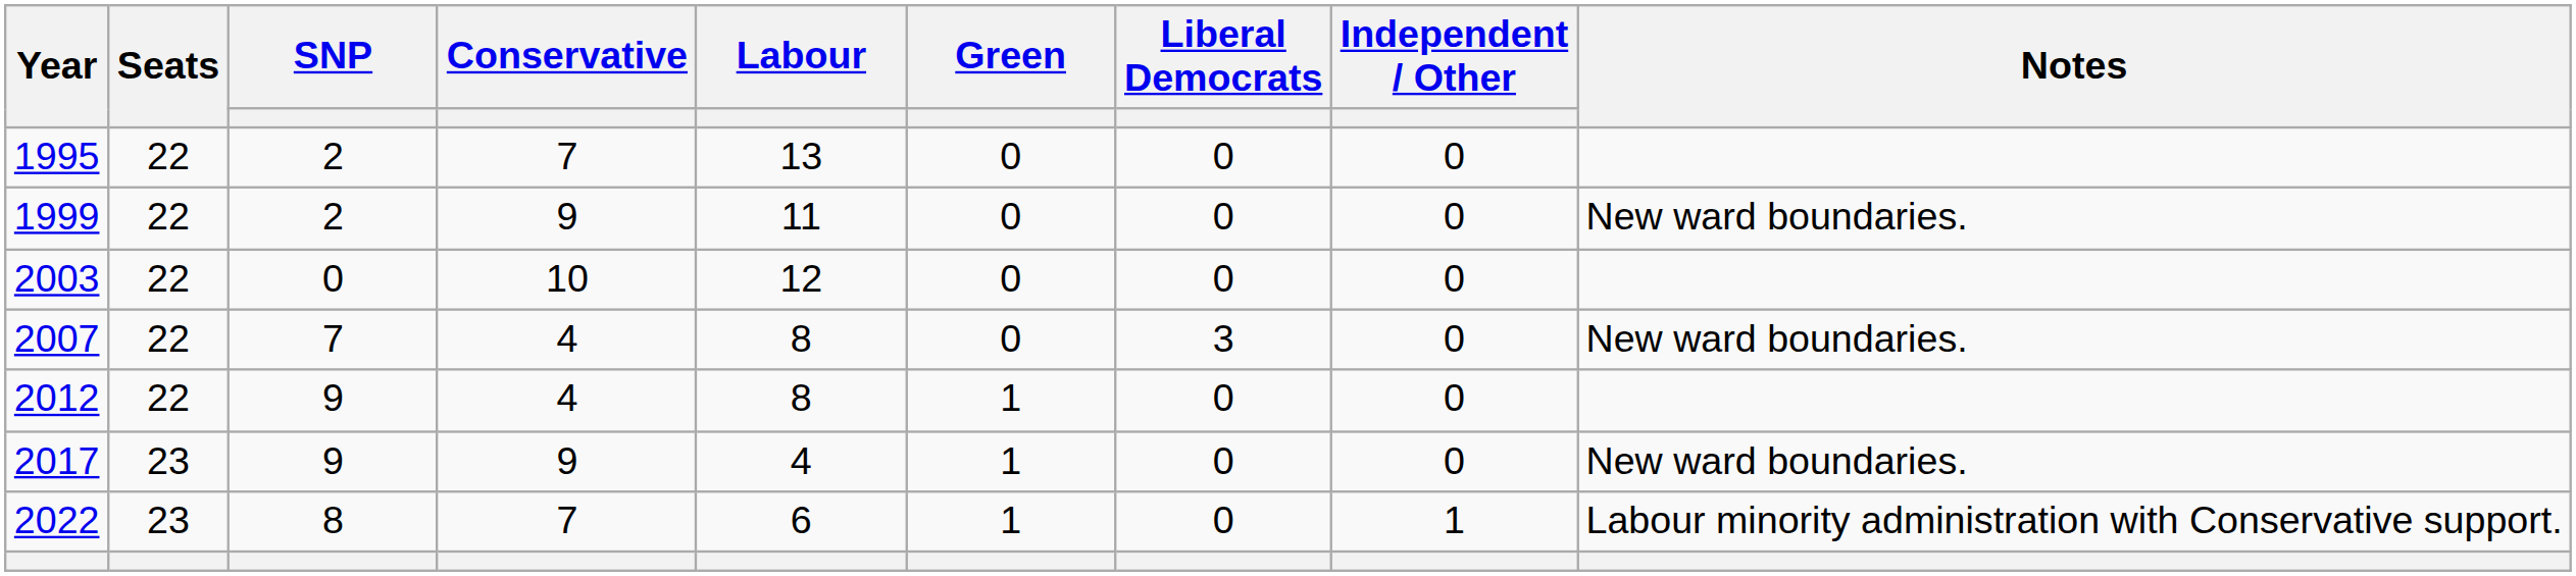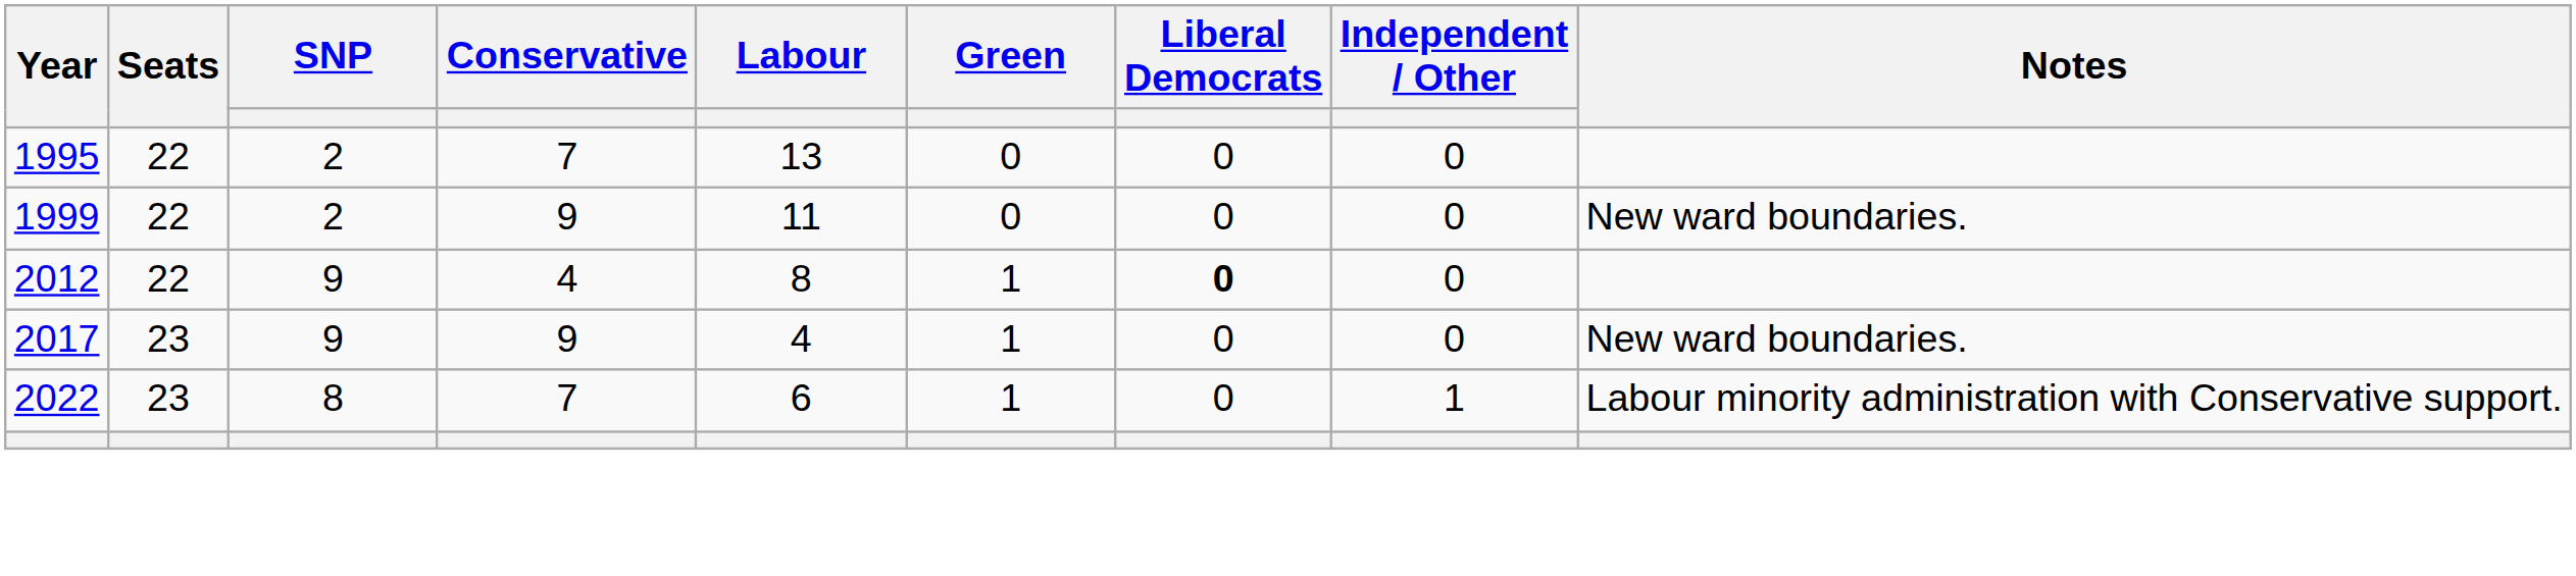 <table class="wikitable" style=text-align:center>
 <tr>
 <th rowspan=2><strong>Year</strong></th>
 <th rowspan=2><strong>Seats</strong></th>
 <th width="80"><a href='#'><strong>SNP</strong></a></th>
 <th width="80"><a href='#'><strong>Conservative</strong></a></th>
 <th width="80"><a href='#'><strong>Labour</strong></a></th>
 <th width="80"><a href='#'><strong>Green</strong></a></th>
 <th width="80"><a href='#'><strong>Liberal Democrats</strong></a></th>
 <th width="80"><a href='#'><strong>Independent / Other</strong></a></th>
 <th rowspan=2><strong>Notes</strong></th>
 </tr>
 <tr>
 <th style="background-color: "></th>
 <th style="background-color: "></th>
 <th style="background-color: "></th>
 <th style="background-color: "></th>
 <th style="background-color: "></th>
 <th style="background-color: "></th>
 </tr>
 <tr>
 <td><a href='#'>1995</a></td>
 <td>22</td>
 <td>2</td>
 <td>7</td>
 <td>13</td>
 <td>0</td>
 <td>0</td>
 <td>0</td>
 <td align=left></td>
 </tr>
 <tr>
 <td><a href='#'>1999</a></td>
 <td>22</td>
 <td>2</td>
 <td>9</td>
 <td>11</td>
 <td>0</td>
 <td>0</td>
 <td>0</td>
 <td align=left>New ward boundaries.</td>
 </tr>
 <tr>
-<td><a href='#'>2003</a></td>
-<td>22</td>
-<td>0</td>
-<td>10</td>
-<td>12</td>
-<td>0</td>
-<td>0</td>
-<td>0</td>
-<td align=left></td>
-</tr>
-<tr>
-<td><a href='#'>2007</a></td>
-<td>22</td>
-<td>7</td>
-<td>4</td>
-<td>8</td>
-<td>0</td>
-<td>3</td>
-<td>0</td>
-<td align=left>New ward boundaries.</td>
-</tr>
-<tr>
 <td><a href='#'>2012</a></td>
 <td>22</td>
 <td>9</td>
 <td>4</td>
 <td>8</td>
 <td>1</td>
-<td>0</td>
+<td><strong>0</strong></td>
 <td>0</td>
 <td align=left></td>
 </tr>
 <tr>
 <td><a href='#'>2017</a></td>
 <td>23</td>
 <td>9</td>
 <td>9</td>
 <td>4</td>
 <td>1</td>
 <td>0</td>
 <td>0</td>
 <td align=left>New ward boundaries.</td>
 </tr>
 <tr>
 <td><a href='#'>2022</a></td>
 <td>23</td>
 <td>8</td>
 <td>7</td>
 <td>6</td>
 <td>1</td>
 <td>0</td>
 <td>1</td>
 <td align=left>Labour minority administration with Conservative support.</td>
 </tr>
 <tr>
 <th></th>
 <th></th>
 <th style="background-color: "></th>
 <th style="background-color: "></th>
 <th style="background-color: "></th>
 <th style="background-color: "></th>
 <th style="background-color: "></th>
 <th style="background-color: "></th>
 <th></th>
 </tr>
 </table>
